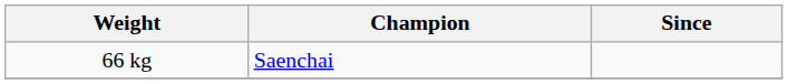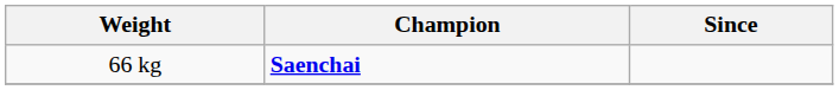 <table id="Events" class="wikitable" style="width:40%; font-size:90%;">
 <tr>
 <th scope="col">Weight</th>
 <th scope="col">Champion</th>
 <th scope="col">Since</th>
 </tr>
 <tr>
 <td align=center>66 kg</td>
-<td> <a href='#'>Saenchai</a></td>
+<td><strong> <a href='#'>Saenchai</a></strong></td>
 <td></td>
 </tr>
 <tr>
 </tr>
 </table>
